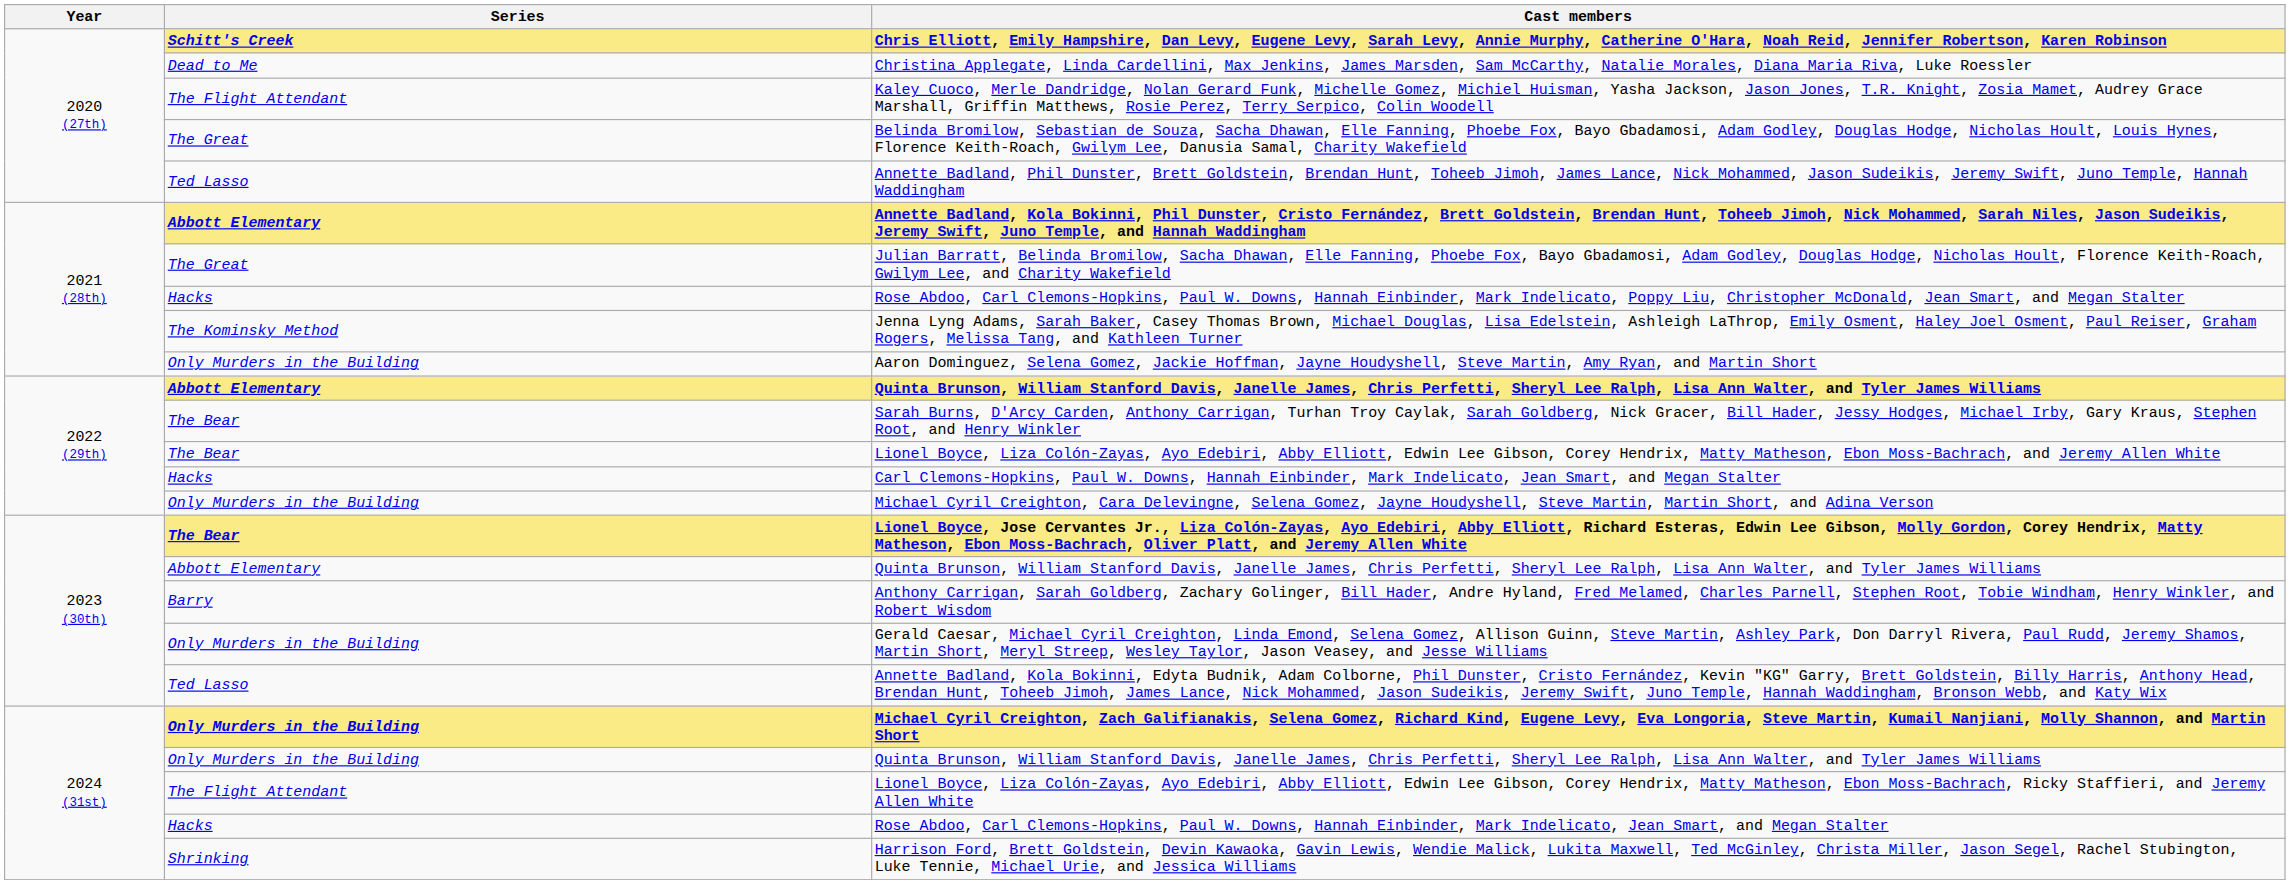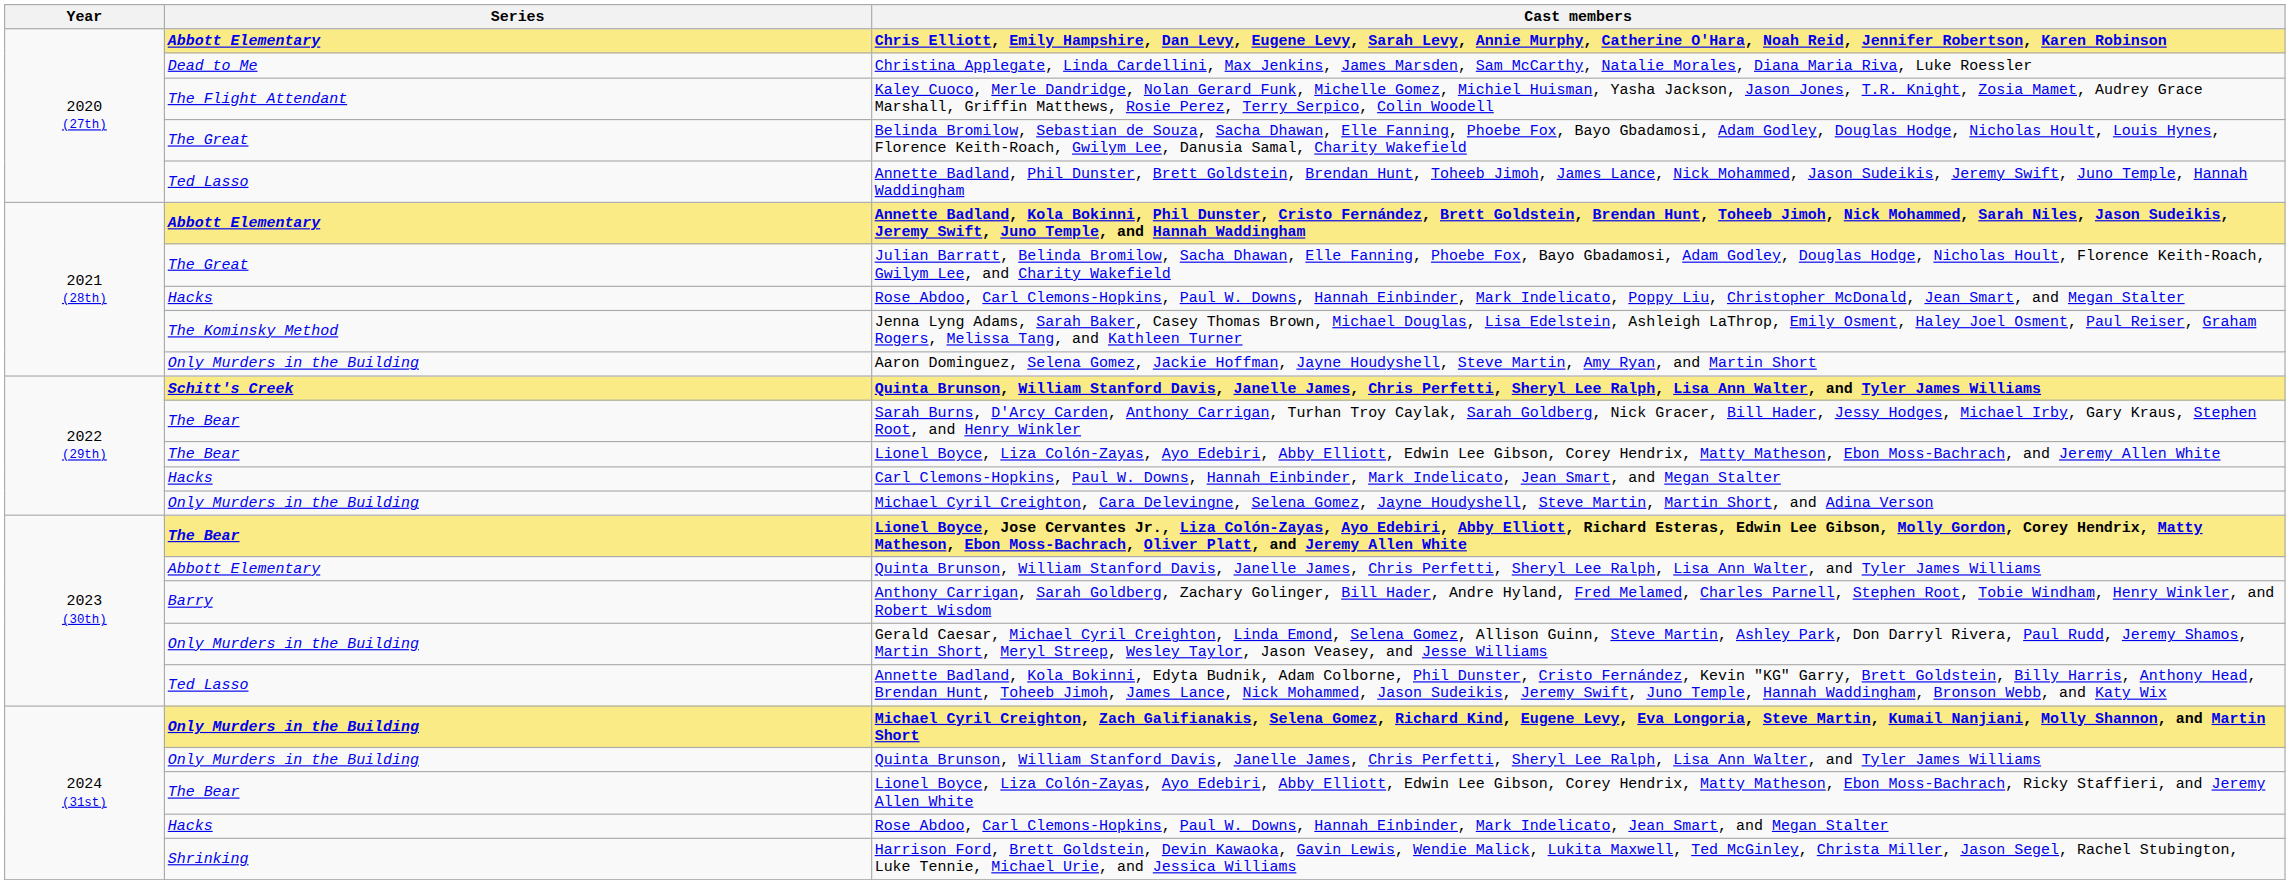 <table class="wikitable" width="100%" cellpadding="5">
 <tr>
 <th width="7%">Year</th>
 <th width="31%">Series</th>
 <th width="62%">Cast members</th>
 </tr>
 <tr>
 <td rowspan="5" align="center">2020<br><small><a href='#'>(27th)</a> </small></td>
-<td style="background:#FAEB86;"><strong><em><a href='#'>Schitt's Creek</a></em></strong></td>
+<td style="background:#FAEB86;"><strong><em><a href='#'>Abbott Elementary</a></em></strong></td>
 <td style="background:#FAEB86;"><strong><a href='#'>Chris Elliott</a>, <a href='#'>Emily Hampshire</a>, <a href='#'>Dan Levy</a>, <a href='#'>Eugene Levy</a>, <a href='#'>Sarah Levy</a>, <a href='#'>Annie Murphy</a>, <a href='#'>Catherine O'Hara</a>, <a href='#'>Noah Reid</a>, <a href='#'>Jennifer Robertson</a>, <a href='#'>Karen Robinson</a></strong></td>
 </tr>
 <tr>
 <td><em><a href='#'>Dead to Me</a></em></td>
 <td><a href='#'>Christina Applegate</a>, <a href='#'>Linda Cardellini</a>, <a href='#'>Max Jenkins</a>, <a href='#'>James Marsden</a>, <a href='#'>Sam McCarthy</a>, <a href='#'>Natalie Morales</a>, <a href='#'>Diana Maria Riva</a>, Luke Roessler</td>
 </tr>
 <tr>
 <td><em><a href='#'>The Flight Attendant</a></em></td>
 <td><a href='#'>Kaley Cuoco</a>, <a href='#'>Merle Dandridge</a>, <a href='#'>Nolan Gerard Funk</a>, <a href='#'>Michelle Gomez</a>, <a href='#'>Michiel Huisman</a>, Yasha Jackson, <a href='#'>Jason Jones</a>, <a href='#'>T.R. Knight</a>, <a href='#'>Zosia Mamet</a>, Audrey Grace Marshall, Griffin Matthews, <a href='#'>Rosie Perez</a>, <a href='#'>Terry Serpico</a>, <a href='#'>Colin Woodell</a></td>
 </tr>
 <tr>
 <td><em><a href='#'>The Great</a></em></td>
 <td><a href='#'>Belinda Bromilow</a>, <a href='#'>Sebastian de Souza</a>, <a href='#'>Sacha Dhawan</a>, <a href='#'>Elle Fanning</a>, <a href='#'>Phoebe Fox</a>, Bayo Gbadamosi, <a href='#'>Adam Godley</a>, <a href='#'>Douglas Hodge</a>, <a href='#'>Nicholas Hoult</a>, <a href='#'>Louis Hynes</a>, Florence Keith-Roach, <a href='#'>Gwilym Lee</a>, Danusia Samal, <a href='#'>Charity Wakefield</a></td>
 </tr>
 <tr>
 <td><em><a href='#'>Ted Lasso</a></em></td>
 <td><a href='#'>Annette Badland</a>, <a href='#'>Phil Dunster</a>, <a href='#'>Brett Goldstein</a>, <a href='#'>Brendan Hunt</a>, <a href='#'>Toheeb Jimoh</a>, <a href='#'>James Lance</a>, <a href='#'>Nick Mohammed</a>, <a href='#'>Jason Sudeikis</a>, <a href='#'>Jeremy Swift</a>, <a href='#'>Juno Temple</a>, <a href='#'>Hannah Waddingham</a></td>
 </tr>
 <tr>
 <td rowspan="5" align="center">2021<br><small><a href='#'>(28th)</a> </small></td>
 <td style="background:#FAEB86;"><strong><em><a href='#'>Abbott Elementary</a></em></strong></td>
 <td style="background:#FAEB86;"><strong><a href='#'>Annette Badland</a>, <a href='#'>Kola Bokinni</a>, <a href='#'>Phil Dunster</a>, <a href='#'>Cristo Fernández</a>, <a href='#'>Brett Goldstein</a>, <a href='#'>Brendan Hunt</a>, <a href='#'>Toheeb Jimoh</a>, <a href='#'>Nick Mohammed</a>, <a href='#'>Sarah Niles</a>, <a href='#'>Jason Sudeikis</a>, <a href='#'>Jeremy Swift</a>, <a href='#'>Juno Temple</a>, and <a href='#'>Hannah Waddingham</a></strong></td>
 </tr>
 <tr>
 <td><em><a href='#'>The Great</a></em></td>
 <td><a href='#'>Julian Barratt</a>, <a href='#'>Belinda Bromilow</a>, <a href='#'>Sacha Dhawan</a>, <a href='#'>Elle Fanning</a>, <a href='#'>Phoebe Fox</a>, Bayo Gbadamosi, <a href='#'>Adam Godley</a>, <a href='#'>Douglas Hodge</a>, <a href='#'>Nicholas Hoult</a>, Florence Keith-Roach, <a href='#'>Gwilym Lee</a>, and <a href='#'>Charity Wakefield</a></td>
 </tr>
 <tr>
 <td><em><a href='#'>Hacks</a></em></td>
 <td><a href='#'>Rose Abdoo</a>, <a href='#'>Carl Clemons-Hopkins</a>, <a href='#'>Paul W. Downs</a>, <a href='#'>Hannah Einbinder</a>, <a href='#'>Mark Indelicato</a>, <a href='#'>Poppy Liu</a>, <a href='#'>Christopher McDonald</a>, <a href='#'>Jean Smart</a>, and <a href='#'>Megan Stalter</a></td>
 </tr>
 <tr>
 <td><em><a href='#'>The Kominsky Method</a></em></td>
 <td>Jenna Lyng Adams, <a href='#'>Sarah Baker</a>, Casey Thomas Brown, <a href='#'>Michael Douglas</a>, <a href='#'>Lisa Edelstein</a>, Ashleigh LaThrop, <a href='#'>Emily Osment</a>, <a href='#'>Haley Joel Osment</a>, <a href='#'>Paul Reiser</a>, <a href='#'>Graham Rogers</a>, <a href='#'>Melissa Tang</a>, and <a href='#'>Kathleen Turner</a></td>
 </tr>
 <tr>
 <td><em><a href='#'>Only Murders in the Building</a></em></td>
 <td>Aaron Dominguez, <a href='#'>Selena Gomez</a>, <a href='#'>Jackie Hoffman</a>, <a href='#'>Jayne Houdyshell</a>, <a href='#'>Steve Martin</a>, <a href='#'>Amy Ryan</a>, and <a href='#'>Martin Short</a></td>
 </tr>
 <tr>
 <td rowspan="5" align="center">2022<br><small><a href='#'>(29th)</a> </small></td>
-<td style="background:#FAEB86;"><strong><em><a href='#'>Abbott Elementary</a></em></strong></td>
+<td style="background:#FAEB86;"><strong><em><a href='#'>Schitt's Creek</a></em></strong></td>
 <td style="background:#FAEB86;"><strong><a href='#'>Quinta Brunson</a>, <a href='#'>William Stanford Davis</a>, <a href='#'>Janelle James</a>, <a href='#'>Chris Perfetti</a>, <a href='#'>Sheryl Lee Ralph</a>, <a href='#'>Lisa Ann Walter</a>, and <a href='#'>Tyler James Williams</a></strong></td>
 </tr>
 <tr>
 <td><em><a href='#'>The Bear</a></em></td>
 <td><a href='#'>Sarah Burns</a>, <a href='#'>D'Arcy Carden</a>, <a href='#'>Anthony Carrigan</a>, Turhan Troy Caylak, <a href='#'>Sarah Goldberg</a>, Nick Gracer, <a href='#'>Bill Hader</a>, <a href='#'>Jessy Hodges</a>, <a href='#'>Michael Irby</a>, Gary Kraus, <a href='#'>Stephen Root</a>, and <a href='#'>Henry Winkler</a></td>
 </tr>
 <tr>
 <td><em><a href='#'>The Bear</a></em></td>
 <td><a href='#'>Lionel Boyce</a>, <a href='#'>Liza Colón-Zayas</a>, <a href='#'>Ayo Edebiri</a>, <a href='#'>Abby Elliott</a>, Edwin Lee Gibson, Corey Hendrix, <a href='#'>Matty Matheson</a>, <a href='#'>Ebon Moss-Bachrach</a>, and <a href='#'>Jeremy Allen White</a></td>
 </tr>
 <tr>
 <td><em><a href='#'>Hacks</a></em></td>
 <td><a href='#'>Carl Clemons-Hopkins</a>, <a href='#'>Paul W. Downs</a>, <a href='#'>Hannah Einbinder</a>, <a href='#'>Mark Indelicato</a>, <a href='#'>Jean Smart</a>, and <a href='#'>Megan Stalter</a></td>
 </tr>
 <tr>
 <td><em><a href='#'>Only Murders in the Building</a></em></td>
 <td><a href='#'>Michael Cyril Creighton</a>, <a href='#'>Cara Delevingne</a>, <a href='#'>Selena Gomez</a>, <a href='#'>Jayne Houdyshell</a>, <a href='#'>Steve Martin</a>, <a href='#'>Martin Short</a>, and <a href='#'>Adina Verson</a></td>
 </tr>
 <tr>
 <td rowspan="5" align="center">2023<br><small><a href='#'>(30th)</a> </small></td>
 <td style="background:#FAEB86;"><strong><em><a href='#'>The Bear</a></em></strong></td>
 <td style="background:#FAEB86;"><strong><a href='#'>Lionel Boyce</a>, Jose Cervantes Jr., <a href='#'>Liza Colón-Zayas</a>, <a href='#'>Ayo Edebiri</a>, <a href='#'>Abby Elliott</a>, Richard Esteras, Edwin Lee Gibson, <a href='#'>Molly Gordon</a>, Corey Hendrix, <a href='#'>Matty Matheson</a>, <a href='#'>Ebon Moss-Bachrach</a>, <a href='#'>Oliver Platt</a>, and <a href='#'>Jeremy Allen White</a></strong></td>
 </tr>
 <tr>
 <td><em><a href='#'>Abbott Elementary</a></em></td>
 <td><a href='#'>Quinta Brunson</a>, <a href='#'>William Stanford Davis</a>, <a href='#'>Janelle James</a>, <a href='#'>Chris Perfetti</a>, <a href='#'>Sheryl Lee Ralph</a>, <a href='#'>Lisa Ann Walter</a>, and <a href='#'>Tyler James Williams</a></td>
 </tr>
 <tr>
 <td><em><a href='#'>Barry</a></em></td>
 <td><a href='#'>Anthony Carrigan</a>, <a href='#'>Sarah Goldberg</a>, Zachary Golinger, <a href='#'>Bill Hader</a>, Andre Hyland, <a href='#'>Fred Melamed</a>, <a href='#'>Charles Parnell</a>, <a href='#'>Stephen Root</a>, <a href='#'>Tobie Windham</a>, <a href='#'>Henry Winkler</a>, and <a href='#'>Robert Wisdom</a></td>
 </tr>
 <tr>
 <td><em><a href='#'>Only Murders in the Building</a></em></td>
 <td>Gerald Caesar, <a href='#'>Michael Cyril Creighton</a>, <a href='#'>Linda Emond</a>, <a href='#'>Selena Gomez</a>, Allison Guinn, <a href='#'>Steve Martin</a>, <a href='#'>Ashley Park</a>, Don Darryl Rivera, <a href='#'>Paul Rudd</a>, <a href='#'>Jeremy Shamos</a>, <a href='#'>Martin Short</a>, <a href='#'>Meryl Streep</a>, <a href='#'>Wesley Taylor</a>, Jason Veasey, and <a href='#'>Jesse Williams</a></td>
 </tr>
 <tr>
 <td><em><a href='#'>Ted Lasso</a></em></td>
 <td><a href='#'>Annette Badland</a>, <a href='#'>Kola Bokinni</a>, Edyta Budnik, Adam Colborne, <a href='#'>Phil Dunster</a>, <a href='#'>Cristo Fernández</a>, Kevin "KG" Garry, <a href='#'>Brett Goldstein</a>, <a href='#'>Billy Harris</a>, <a href='#'>Anthony Head</a>, <a href='#'>Brendan Hunt</a>, <a href='#'>Toheeb Jimoh</a>, <a href='#'>James Lance</a>, <a href='#'>Nick Mohammed</a>, <a href='#'>Jason Sudeikis</a>, <a href='#'>Jeremy Swift</a>, <a href='#'>Juno Temple</a>, <a href='#'>Hannah Waddingham</a>, <a href='#'>Bronson Webb</a>, and <a href='#'>Katy Wix</a></td>
 </tr>
 <tr>
 <td rowspan="5" align="center">2024<br><small><a href='#'>(31st)</a> </small></td>
 <td style="background:#FAEB86;"><strong><em><a href='#'>Only Murders in the Building</a></em></strong></td>
 <td style="background:#FAEB86;"><strong><a href='#'>Michael Cyril Creighton</a>, <a href='#'>Zach Galifianakis</a>, <a href='#'>Selena Gomez</a>, <a href='#'>Richard Kind</a>, <a href='#'>Eugene Levy</a>, <a href='#'>Eva Longoria</a>, <a href='#'>Steve Martin</a>, <a href='#'>Kumail Nanjiani</a>, <a href='#'>Molly Shannon</a>, and <a href='#'>Martin Short</a></strong></td>
 </tr>
 <tr>
 <td><em><a href='#'>Only Murders in the Building</a></em></td>
 <td><a href='#'>Quinta Brunson</a>, <a href='#'>William Stanford Davis</a>, <a href='#'>Janelle James</a>, <a href='#'>Chris Perfetti</a>, <a href='#'>Sheryl Lee Ralph</a>, <a href='#'>Lisa Ann Walter</a>, and <a href='#'>Tyler James Williams</a></td>
 </tr>
 <tr>
-<td><em><a href='#'>The Flight Attendant</a></em></td>
+<td><em><a href='#'>The Bear</a></em></td>
 <td><a href='#'>Lionel Boyce</a>, <a href='#'>Liza Colón-Zayas</a>, <a href='#'>Ayo Edebiri</a>, <a href='#'>Abby Elliott</a>, Edwin Lee Gibson, Corey Hendrix, <a href='#'>Matty Matheson</a>, <a href='#'>Ebon Moss-Bachrach</a>, Ricky Staffieri, and <a href='#'>Jeremy Allen White</a></td>
 </tr>
 <tr>
 <td><em><a href='#'>Hacks</a></em></td>
 <td><a href='#'>Rose Abdoo</a>, <a href='#'>Carl Clemons-Hopkins</a>, <a href='#'>Paul W. Downs</a>, <a href='#'>Hannah Einbinder</a>, <a href='#'>Mark Indelicato</a>, <a href='#'>Jean Smart</a>, and <a href='#'>Megan Stalter</a></td>
 </tr>
 <tr>
 <td><em><a href='#'>Shrinking</a></em></td>
 <td><a href='#'>Harrison Ford</a>, <a href='#'>Brett Goldstein</a>, <a href='#'>Devin Kawaoka</a>, <a href='#'>Gavin Lewis</a>, <a href='#'>Wendie Malick</a>, <a href='#'>Lukita Maxwell</a>, <a href='#'>Ted McGinley</a>, <a href='#'>Christa Miller</a>, <a href='#'>Jason Segel</a>, Rachel Stubington, Luke Tennie, <a href='#'>Michael Urie</a>, and <a href='#'>Jessica Williams</a></td>
 </tr>
 </table>
